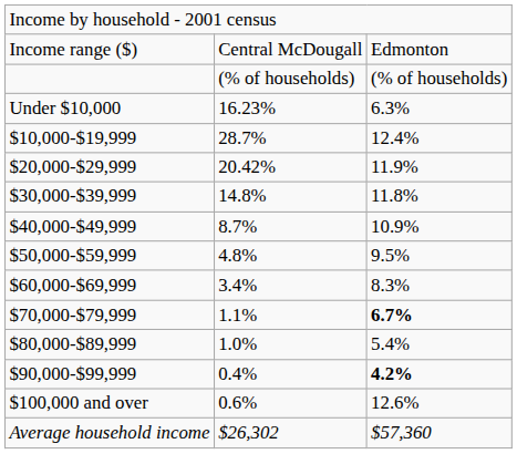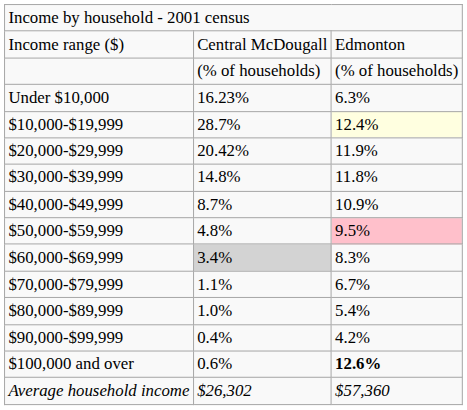 <table class="wikitable">
 <tr>
 <td colspan="3">Income by household - 2001 census</td>
 </tr>
 <tr>
 <td>Income range ($)</td>
 <td>Central McDougall<br></td>
 <td>Edmonton<br></td>
 </tr>
 <tr>
 <td></td>
 <td>(% of households)</td>
 <td>(% of households)</td>
 </tr>
 <tr>
 <td>Under $10,000</td>
 <td>16.23%</td>
 <td>6.3%</td>
 </tr>
 <tr>
 <td>$10,000-$19,999</td>
 <td>28.7%</td>
-<td>12.4%</td>
+<td style="background: lightyellow;">12.4%</td>
 </tr>
 <tr>
 <td>$20,000-$29,999</td>
 <td>20.42%</td>
 <td>11.9%</td>
 </tr>
 <tr>
 <td>$30,000-$39,999</td>
 <td>14.8%</td>
 <td>11.8%</td>
 </tr>
 <tr>
 <td>$40,000-$49,999</td>
 <td>8.7%</td>
 <td>10.9%</td>
 </tr>
 <tr>
 <td>$50,000-$59,999</td>
 <td>4.8%</td>
-<td>9.5%</td>
+<td style="background: pink;">9.5%</td>
 </tr>
 <tr>
 <td>$60,000-$69,999</td>
-<td>3.4%</td>
+<td style="background: lightgrey;">3.4%</td>
 <td>8.3%</td>
 </tr>
 <tr>
 <td>$70,000-$79,999</td>
 <td>1.1%</td>
-<td><strong>6.7%</strong></td>
+<td>6.7%</td>
 </tr>
 <tr>
 <td>$80,000-$89,999</td>
 <td>1.0%</td>
 <td>5.4%</td>
 </tr>
 <tr>
 <td>$90,000-$99,999</td>
 <td>0.4%</td>
-<td><strong>4.2%</strong></td>
+<td>4.2%</td>
 </tr>
 <tr>
 <td>$100,000 and over</td>
 <td>0.6%</td>
-<td>12.6%</td>
+<td><strong>12.6%</strong></td>
 </tr>
 <tr>
 <td><em>Average household income</em></td>
 <td><em>$26,302</em></td>
 <td><em>$57,360</em></td>
 </tr>
 </table>
